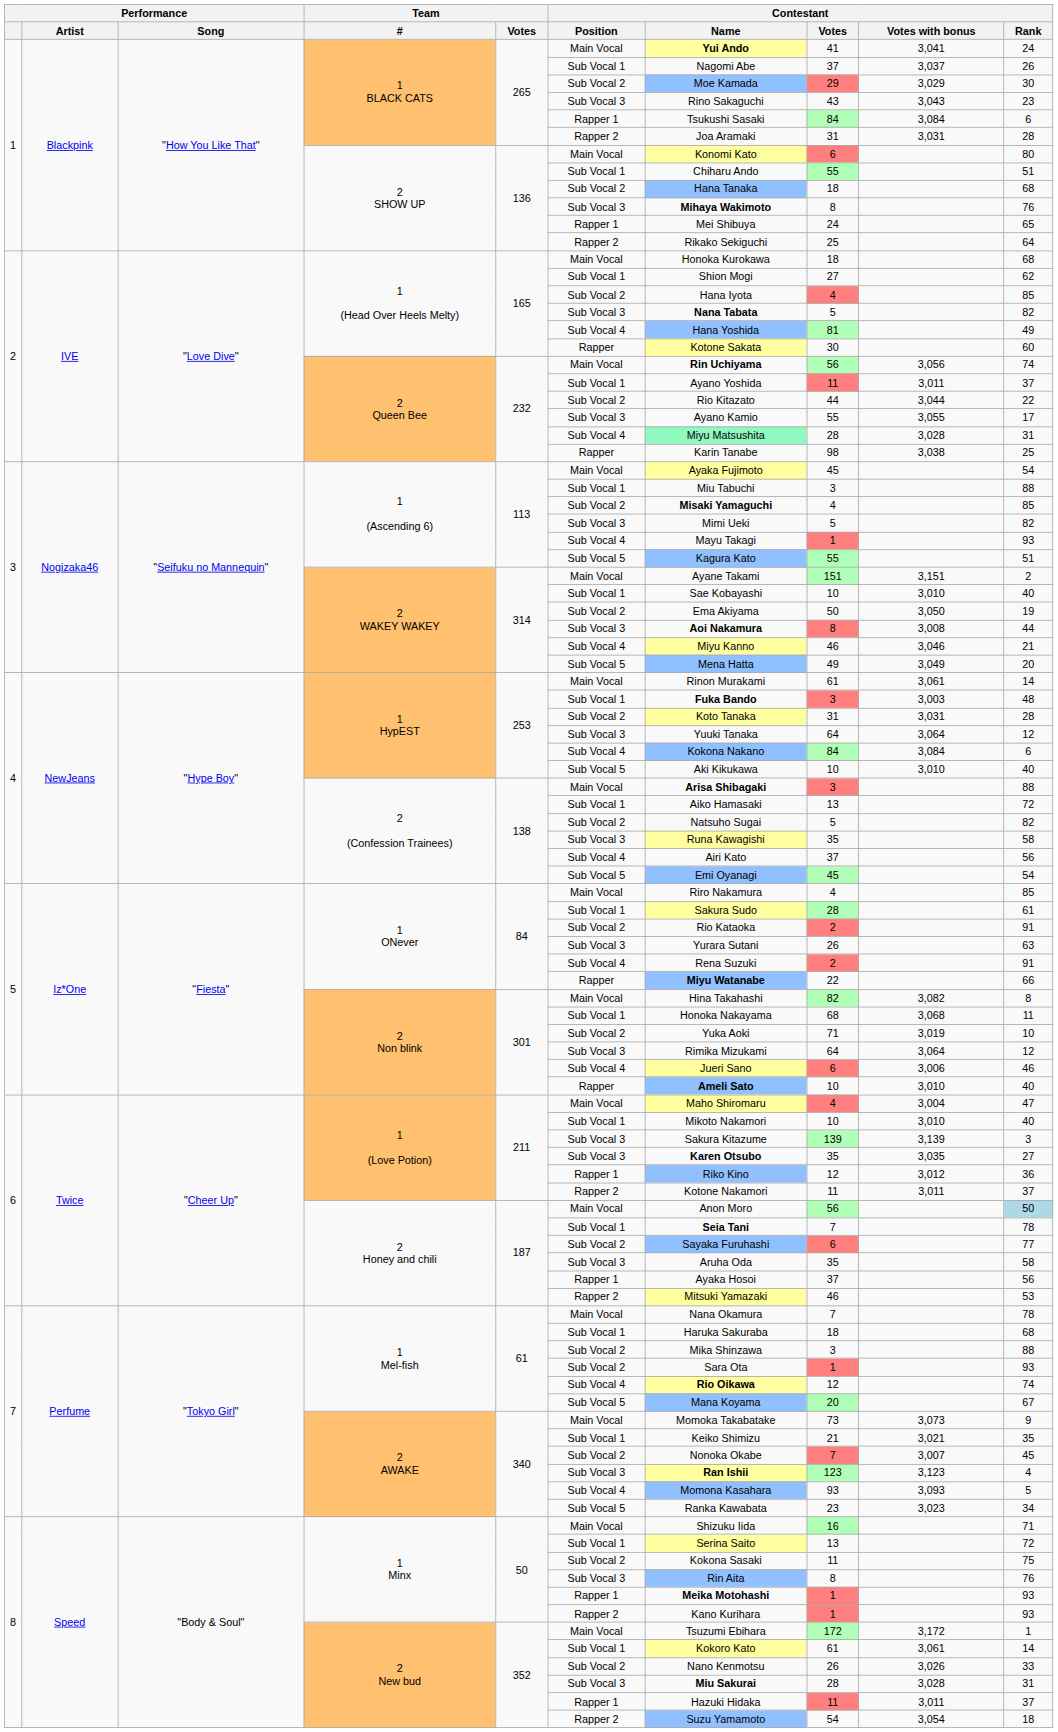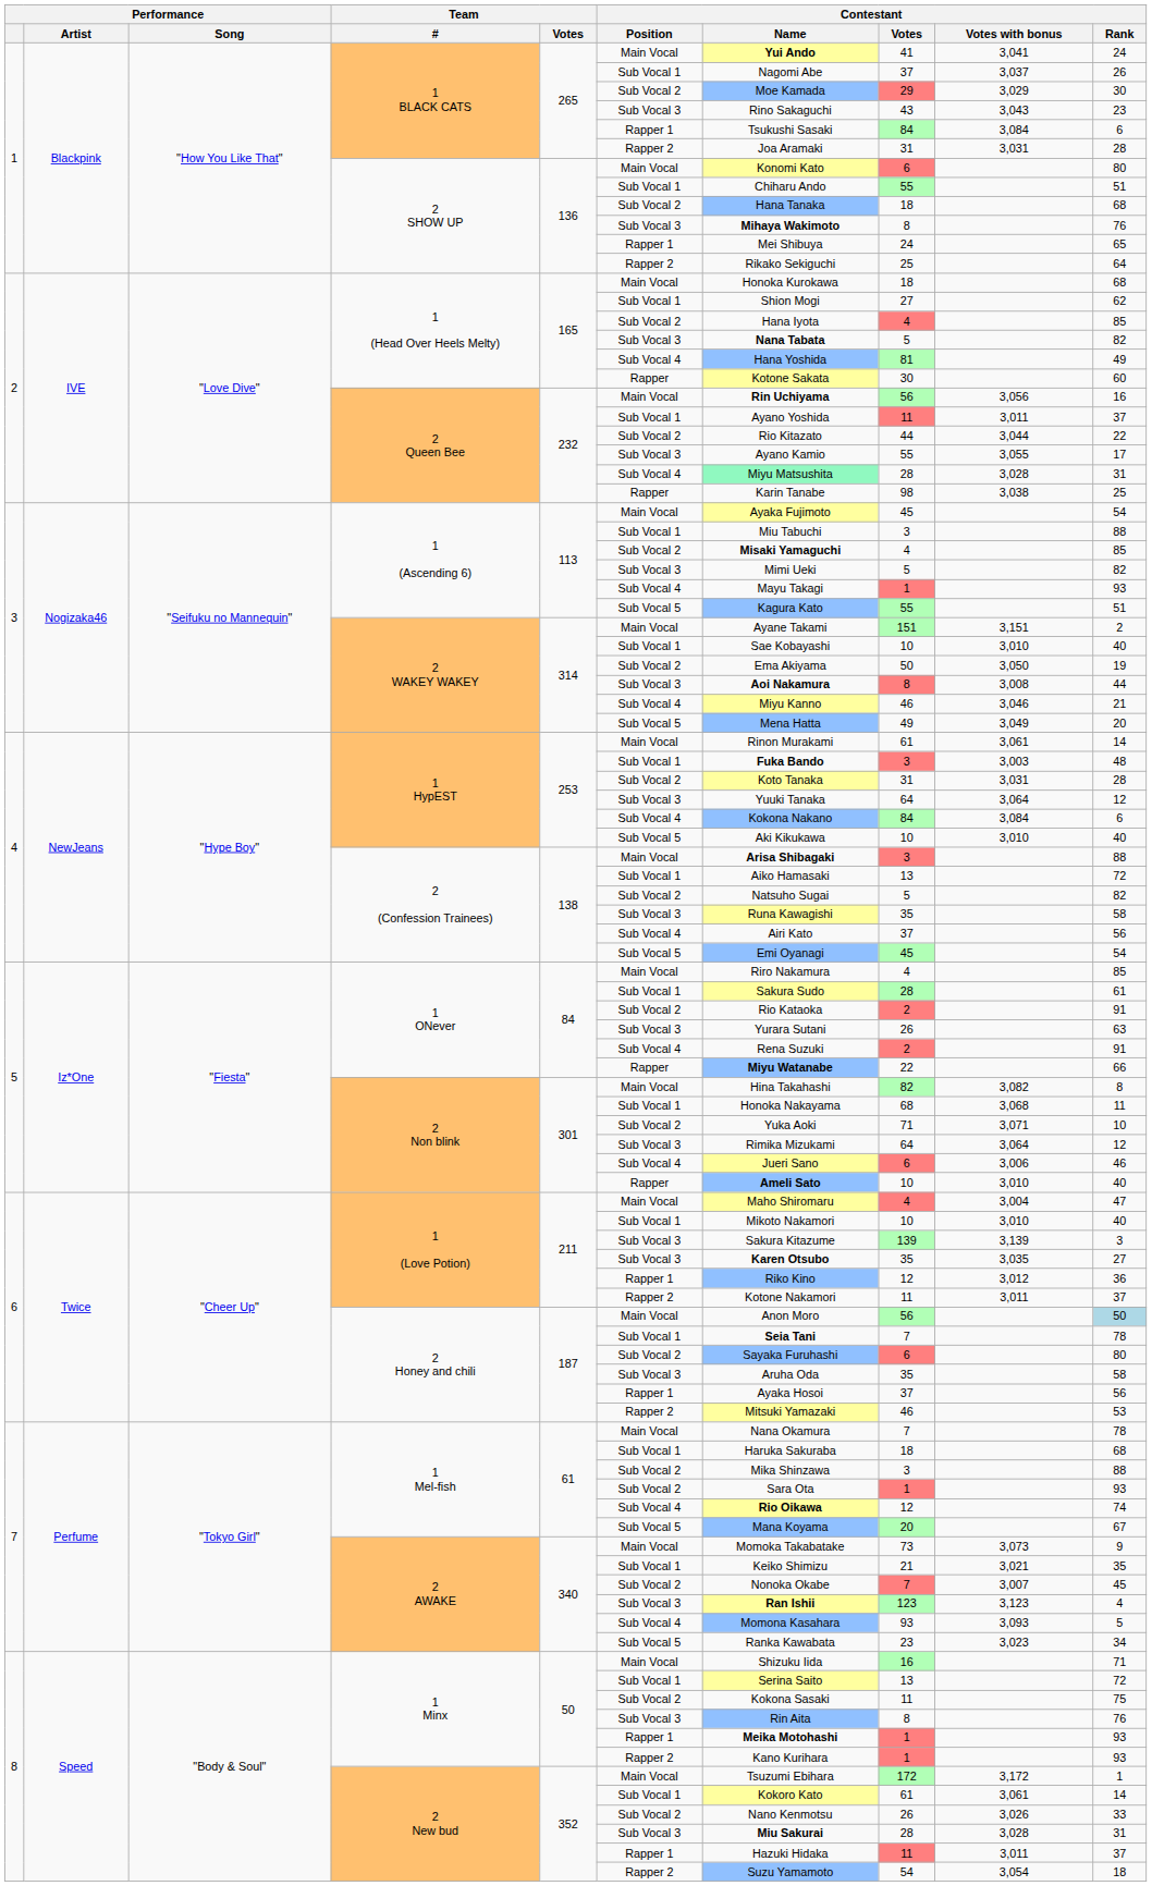 <table class="wikitable sortable collapsible" style="width:100%; text-align:center; white-space:nowrap; font-size:small">
 <tr>
 <th scope="col" colspan="3">Performance</th>
 <th scope="col" colspan="2">Team</th>
 <th scope="col" colspan="5">Contestant</th>
 </tr>
 <tr>
 <th scope="col"></th>
 <th scope="col">Artist</th>
 <th scope="col">Song</th>
 <th scope="col">#</th>
 <th scope="col">Votes</th>
 <th scope="col">Position</th>
 <th scope="col">Name</th>
 <th scope="col">Votes</th>
 <th scope="col">Votes with bonus</th>
 <th scope="col">Rank</th>
 </tr>
 <tr>
 <td rowspan="12">1</td>
 <td rowspan="12"><a href='#'>Blackpink</a></td>
 <td rowspan="12">"<a href='#'>How You Like That</a>"</td>
 <td rowspan="6" style="background:#FFC06F">1<br>BLACK CATS</td>
 <td rowspan="6">265</td>
 <td>Main Vocal</td>
 <td style="background:#FFFF9F"><strong>Yui Ando</strong></td>
 <td>41</td>
 <td>3,041</td>
 <td>24</td>
 </tr>
 <tr>
 <td>Sub Vocal 1</td>
 <td>Nagomi Abe</td>
 <td>37</td>
 <td>3,037</td>
 <td>26</td>
 </tr>
 <tr>
 <td>Sub Vocal 2</td>
 <td style="background:#90C0FF">Moe Kamada</td>
 <td style="background:#FF7F7F">29</td>
 <td>3,029</td>
 <td>30</td>
 </tr>
 <tr>
 <td>Sub Vocal 3</td>
 <td>Rino Sakaguchi</td>
 <td>43</td>
 <td>3,043</td>
 <td>23</td>
 </tr>
 <tr>
 <td>Rapper 1</td>
 <td>Tsukushi Sasaki</td>
 <td style="background:#B1FFB6">84</td>
 <td>3,084</td>
 <td>6</td>
 </tr>
 <tr>
 <td>Rapper 2</td>
 <td>Joa Aramaki</td>
 <td>31</td>
 <td>3,031</td>
 <td>28</td>
 </tr>
 <tr>
 <td rowspan="6">2<br>SHOW UP</td>
 <td rowspan="6">136</td>
 <td>Main Vocal</td>
 <td style="background:#FFFF9F">Konomi Kato</td>
 <td style="background:#FF7F7F">6</td>
 <td></td>
 <td>80</td>
 </tr>
 <tr>
 <td>Sub Vocal 1</td>
 <td>Chiharu Ando</td>
 <td style="background:#B1FFB6">55</td>
 <td></td>
 <td>51</td>
 </tr>
 <tr>
 <td>Sub Vocal 2</td>
 <td style="background:#90C0FF">Hana Tanaka</td>
 <td>18</td>
 <td></td>
 <td>68</td>
 </tr>
 <tr>
 <td>Sub Vocal 3</td>
 <td><strong>Mihaya Wakimoto</strong></td>
 <td>8</td>
 <td></td>
 <td>76</td>
 </tr>
 <tr>
 <td>Rapper 1</td>
 <td>Mei Shibuya</td>
 <td>24</td>
 <td></td>
 <td>65</td>
 </tr>
 <tr>
 <td>Rapper 2</td>
 <td>Rikako Sekiguchi</td>
 <td>25</td>
 <td></td>
 <td>64</td>
 </tr>
 <tr>
 <td rowspan="12">2</td>
 <td rowspan="12"><a href='#'>IVE</a></td>
 <td rowspan="12">"<a href='#'>Love Dive</a>"</td>
 <td rowspan="6">1<br><br>(Head Over Heels Melty)</td>
 <td rowspan="6">165</td>
 <td>Main Vocal</td>
 <td>Honoka Kurokawa</td>
 <td>18</td>
 <td></td>
 <td>68</td>
 </tr>
 <tr>
 <td>Sub Vocal 1</td>
 <td>Shion Mogi</td>
 <td>27</td>
 <td></td>
 <td>62</td>
 </tr>
 <tr>
 <td>Sub Vocal 2</td>
 <td>Hana Iyota</td>
 <td style="background:#FF7F7F">4</td>
 <td></td>
 <td>85</td>
 </tr>
 <tr>
 <td>Sub Vocal 3</td>
 <td><strong>Nana Tabata</strong></td>
 <td>5</td>
 <td></td>
 <td>82</td>
 </tr>
 <tr>
 <td>Sub Vocal 4</td>
 <td style="background:#90C0FF">Hana Yoshida</td>
 <td style="background:#B1FFB6">81</td>
 <td></td>
 <td>49</td>
 </tr>
 <tr>
 <td>Rapper</td>
 <td style="background:#FFFF9F">Kotone Sakata</td>
 <td>30</td>
 <td></td>
 <td>60</td>
 </tr>
 <tr>
 <td rowspan="6" style="background:#FFC06F">2<br>Queen Bee</td>
 <td rowspan="6">232</td>
 <td>Main Vocal</td>
 <td><strong>Rin Uchiyama</strong></td>
 <td style="background:#B1FFB6">56</td>
 <td>3,056</td>
-<td>74</td>
+<td>16</td>
 </tr>
 <tr>
 <td>Sub Vocal 1</td>
 <td>Ayano Yoshida</td>
 <td style="background:#FF7F7F">11</td>
 <td>3,011</td>
 <td>37</td>
 </tr>
 <tr>
 <td>Sub Vocal 2</td>
 <td>Rio Kitazato</td>
 <td>44</td>
 <td>3,044</td>
 <td>22</td>
 </tr>
 <tr>
 <td>Sub Vocal 3</td>
 <td>Ayano Kamio</td>
 <td>55</td>
 <td>3,055</td>
 <td>17</td>
 </tr>
 <tr>
 <td>Sub Vocal 4</td>
 <td style="background:#90F9C0">Miyu Matsushita</td>
 <td>28</td>
 <td>3,028</td>
 <td>31</td>
 </tr>
 <tr>
 <td>Rapper</td>
 <td>Karin Tanabe</td>
 <td>98</td>
 <td>3,038</td>
 <td>25</td>
 </tr>
 <tr>
 <td rowspan="12">3</td>
 <td rowspan="12"><a href='#'>Nogizaka46</a></td>
 <td rowspan="12">"<a href='#'>Seifuku no Mannequin</a>"</td>
 <td rowspan="6">1<br><br>(Ascending 6)</td>
 <td rowspan="6">113</td>
 <td>Main Vocal</td>
 <td style="background:#FFFF9F">Ayaka Fujimoto</td>
 <td>45</td>
 <td></td>
 <td>54</td>
 </tr>
 <tr>
 <td>Sub Vocal 1</td>
 <td>Miu Tabuchi</td>
 <td>3</td>
 <td></td>
 <td>88</td>
 </tr>
 <tr>
 <td>Sub Vocal 2</td>
 <td><strong>Misaki Yamaguchi</strong></td>
 <td>4</td>
 <td></td>
 <td>85</td>
 </tr>
 <tr>
 <td>Sub Vocal 3</td>
 <td>Mimi Ueki</td>
 <td>5</td>
 <td></td>
 <td>82</td>
 </tr>
 <tr>
 <td>Sub Vocal 4</td>
 <td>Mayu Takagi</td>
 <td style="background:#FF7F7F">1</td>
 <td></td>
 <td>93</td>
 </tr>
 <tr>
 <td>Sub Vocal 5</td>
 <td style="background:#90C0FF">Kagura Kato</td>
 <td style="background:#B1FFB6">55</td>
 <td></td>
 <td>51</td>
 </tr>
 <tr>
 <td rowspan="6" style="background:#FFC06F">2<br>WAKEY WAKEY</td>
 <td rowspan="6">314</td>
 <td>Main Vocal</td>
 <td>Ayane Takami</td>
 <td style="background:#B1FFB6">151</td>
 <td>3,151</td>
 <td>2</td>
 </tr>
 <tr>
 <td>Sub Vocal 1</td>
 <td>Sae Kobayashi</td>
 <td>10</td>
 <td>3,010</td>
 <td>40</td>
 </tr>
 <tr>
 <td>Sub Vocal 2</td>
 <td>Ema Akiyama</td>
 <td>50</td>
 <td>3,050</td>
 <td>19</td>
 </tr>
 <tr>
 <td>Sub Vocal 3</td>
 <td><strong>Aoi Nakamura</strong></td>
 <td style="background:#FF7F7F">8</td>
 <td>3,008</td>
 <td>44</td>
 </tr>
 <tr>
 <td>Sub Vocal 4</td>
 <td style="background:#FFFF9F">Miyu Kanno</td>
 <td>46</td>
 <td>3,046</td>
 <td>21</td>
 </tr>
 <tr>
 <td>Sub Vocal 5</td>
 <td style="background:#90C0FF">Mena Hatta</td>
 <td>49</td>
 <td>3,049</td>
 <td>20</td>
 </tr>
 <tr>
 <td rowspan="12">4</td>
 <td rowspan="12"><a href='#'>NewJeans</a></td>
 <td rowspan="12">"<a href='#'>Hype Boy</a>"</td>
 <td rowspan="6" style="background:#FFC06F">1<br>HypEST</td>
 <td rowspan="6">253</td>
 <td>Main Vocal</td>
 <td>Rinon Murakami</td>
 <td>61</td>
 <td>3,061</td>
 <td>14</td>
 </tr>
 <tr>
 <td>Sub Vocal 1</td>
 <td><strong>Fuka Bando</strong></td>
 <td style="background:#FF7F7F">3</td>
 <td>3,003</td>
 <td>48</td>
 </tr>
 <tr>
 <td>Sub Vocal 2</td>
 <td style="background:#FFFF9F">Koto Tanaka</td>
 <td>31</td>
 <td>3,031</td>
 <td>28</td>
 </tr>
 <tr>
 <td>Sub Vocal 3</td>
 <td>Yuuki Tanaka</td>
 <td>64</td>
 <td>3,064</td>
 <td>12</td>
 </tr>
 <tr>
 <td>Sub Vocal 4</td>
 <td style="background:#90C0FF">Kokona Nakano</td>
 <td style="background:#B1FFB6">84</td>
 <td>3,084</td>
 <td>6</td>
 </tr>
 <tr>
 <td>Sub Vocal 5</td>
 <td>Aki Kikukawa</td>
 <td>10</td>
 <td>3,010</td>
 <td>40</td>
 </tr>
 <tr>
 <td rowspan="6">2<br><br>(Confession Trainees)</td>
 <td rowspan="6">138</td>
 <td>Main Vocal</td>
 <td><strong>Arisa Shibagaki</strong></td>
 <td style="background:#FF7F7F">3</td>
 <td></td>
 <td>88</td>
 </tr>
 <tr>
 <td>Sub Vocal 1</td>
 <td>Aiko Hamasaki</td>
 <td>13</td>
 <td></td>
 <td>72</td>
 </tr>
 <tr>
 <td>Sub Vocal 2</td>
 <td>Natsuho Sugai</td>
 <td>5</td>
 <td></td>
 <td>82</td>
 </tr>
 <tr>
 <td>Sub Vocal 3</td>
 <td style="background:#FFFF9F">Runa Kawagishi</td>
 <td>35</td>
 <td></td>
 <td>58</td>
 </tr>
 <tr>
 <td>Sub Vocal 4</td>
 <td>Airi Kato</td>
 <td>37</td>
 <td></td>
 <td>56</td>
 </tr>
 <tr>
 <td>Sub Vocal 5</td>
 <td style="background:#90C0FF">Emi Oyanagi</td>
 <td style="background:#B1FFB6">45</td>
 <td></td>
 <td>54</td>
 </tr>
 <tr>
 <td rowspan="12">5</td>
 <td rowspan="12"><a href='#'>Iz*One</a></td>
 <td rowspan="12">"<a href='#'>Fiesta</a>"</td>
 <td rowspan="6">1<br>ONever</td>
 <td rowspan="6">84</td>
 <td>Main Vocal</td>
 <td>Riro Nakamura</td>
 <td>4</td>
 <td></td>
 <td>85</td>
 </tr>
 <tr>
 <td>Sub Vocal 1</td>
 <td style="background:#FFFF9F">Sakura Sudo</td>
 <td style="background:#B1FFB6">28</td>
 <td></td>
 <td>61</td>
 </tr>
 <tr>
 <td>Sub Vocal 2</td>
 <td>Rio Kataoka</td>
 <td style="background:#FF7F7F">2</td>
 <td></td>
 <td>91</td>
 </tr>
 <tr>
 <td>Sub Vocal 3</td>
 <td>Yurara Sutani</td>
 <td>26</td>
 <td></td>
 <td>63</td>
 </tr>
 <tr>
 <td>Sub Vocal 4</td>
 <td>Rena Suzuki</td>
 <td style="background:#FF7F7F">2</td>
 <td></td>
 <td>91</td>
 </tr>
 <tr>
 <td>Rapper</td>
 <td style="background:#90C0FF"><strong>Miyu Watanabe</strong></td>
 <td>22</td>
 <td></td>
 <td>66</td>
 </tr>
 <tr>
 <td rowspan="6" style="background:#FFC06F">2<br>Non blink</td>
 <td rowspan="6">301</td>
 <td>Main Vocal</td>
 <td>Hina Takahashi</td>
 <td style="background:#B1FFB6">82</td>
 <td>3,082</td>
 <td>8</td>
 </tr>
 <tr>
 <td>Sub Vocal 1</td>
 <td>Honoka Nakayama</td>
 <td>68</td>
 <td>3,068</td>
 <td>11</td>
 </tr>
 <tr>
 <td>Sub Vocal 2</td>
 <td>Yuka Aoki</td>
 <td>71</td>
-<td>3,019</td>
+<td>3,071</td>
 <td>10</td>
 </tr>
 <tr>
 <td>Sub Vocal 3</td>
 <td>Rimika Mizukami</td>
 <td>64</td>
 <td>3,064</td>
 <td>12</td>
 </tr>
 <tr>
 <td>Sub Vocal 4</td>
 <td style="background:#FFFF9F">Jueri Sano</td>
 <td style="background:#FF7F7F">6</td>
 <td>3,006</td>
 <td>46</td>
 </tr>
 <tr>
 <td>Rapper</td>
 <td style="background:#90C0FF"><strong>Ameli Sato</strong></td>
 <td>10</td>
 <td>3,010</td>
 <td>40</td>
 </tr>
 <tr>
 <td rowspan="12">6</td>
 <td rowspan="12"><a href='#'>Twice</a></td>
 <td rowspan="12">"<a href='#'>Cheer Up</a>"</td>
 <td rowspan="6" style="background:#FFC06F">1<br><br>(Love Potion)</td>
 <td rowspan="6">211</td>
 <td>Main Vocal</td>
 <td style="background:#FFFF9F">Maho Shiromaru</td>
 <td style="background:#FF7F7F">4</td>
 <td>3,004</td>
 <td>47</td>
 </tr>
 <tr>
 <td>Sub Vocal 1</td>
 <td>Mikoto Nakamori</td>
 <td>10</td>
 <td>3,010</td>
 <td>40</td>
 </tr>
 <tr>
 <td>Sub Vocal 3</td>
 <td>Sakura Kitazume</td>
 <td style="background:#B1FFB6">139</td>
 <td>3,139</td>
 <td>3</td>
 </tr>
 <tr>
 <td>Sub Vocal 3</td>
 <td><strong>Karen Otsubo</strong></td>
 <td>35</td>
 <td>3,035</td>
 <td>27</td>
 </tr>
 <tr>
 <td>Rapper 1</td>
 <td style="background:#90C0FF">Riko Kino</td>
 <td>12</td>
 <td>3,012</td>
 <td>36</td>
 </tr>
 <tr>
 <td>Rapper 2</td>
 <td>Kotone Nakamori</td>
 <td>11</td>
 <td>3,011</td>
 <td>37</td>
 </tr>
 <tr>
 <td rowspan="6">2<br>Honey and chili</td>
 <td rowspan="6">187</td>
 <td>Main Vocal</td>
 <td>Anon Moro</td>
 <td style="background:#B1FFB6">56</td>
 <td></td>
 <td style="background: lightblue;">50</td>
 </tr>
 <tr>
 <td>Sub Vocal 1</td>
 <td><strong>Seia Tani</strong></td>
 <td>7</td>
 <td></td>
 <td>78</td>
 </tr>
 <tr>
 <td>Sub Vocal 2</td>
 <td style="background:#90C0FF">Sayaka Furuhashi</td>
 <td style="background:#FF7F7F">6</td>
 <td></td>
-<td>77</td>
+<td>80</td>
 </tr>
 <tr>
 <td>Sub Vocal 3</td>
 <td>Aruha Oda</td>
 <td>35</td>
 <td></td>
 <td>58</td>
 </tr>
 <tr>
 <td>Rapper 1</td>
 <td>Ayaka Hosoi</td>
 <td>37</td>
 <td></td>
 <td>56</td>
 </tr>
 <tr>
 <td>Rapper 2</td>
 <td style="background:#FFFF9F">Mitsuki Yamazaki</td>
 <td>46</td>
 <td></td>
 <td>53</td>
 </tr>
 <tr>
 <td rowspan="12">7</td>
 <td rowspan="12"><a href='#'>Perfume</a></td>
 <td rowspan="12">"<a href='#'>Tokyo Girl</a>"</td>
 <td rowspan="6">1<br>Mel-fish</td>
 <td rowspan="6">61</td>
 <td>Main Vocal</td>
 <td>Nana Okamura</td>
 <td>7</td>
 <td></td>
 <td>78</td>
 </tr>
 <tr>
 <td>Sub Vocal 1</td>
 <td>Haruka Sakuraba</td>
 <td>18</td>
 <td></td>
 <td>68</td>
 </tr>
 <tr>
 <td>Sub Vocal 2</td>
 <td>Mika Shinzawa</td>
 <td>3</td>
 <td></td>
 <td>88</td>
 </tr>
 <tr>
 <td>Sub Vocal 2</td>
 <td>Sara Ota</td>
 <td style="background:#FF7F7F">1</td>
 <td></td>
 <td>93</td>
 </tr>
 <tr>
 <td>Sub Vocal 4</td>
 <td style="background:#FFFF9F"><strong>Rio Oikawa</strong></td>
 <td>12</td>
 <td></td>
 <td>74</td>
 </tr>
 <tr>
 <td>Sub Vocal 5</td>
 <td style="background:#90C0FF">Mana Koyama</td>
 <td style="background:#B1FFB6">20</td>
 <td></td>
 <td>67</td>
 </tr>
 <tr>
 <td rowspan="6" style="background:#FFC06F">2<br>AWAKE</td>
 <td rowspan="6">340</td>
 <td>Main Vocal</td>
 <td>Momoka Takabatake</td>
 <td>73</td>
 <td>3,073</td>
 <td>9</td>
 </tr>
 <tr>
 <td>Sub Vocal 1</td>
 <td>Keiko Shimizu</td>
 <td>21</td>
 <td>3,021</td>
 <td>35</td>
 </tr>
 <tr>
 <td>Sub Vocal 2</td>
 <td>Nonoka Okabe</td>
 <td style="background:#FF7F7F">7</td>
 <td>3,007</td>
 <td>45</td>
 </tr>
 <tr>
 <td>Sub Vocal 3</td>
 <td style="background:#FFFF9F"><strong>Ran Ishii</strong></td>
 <td style="background:#B1FFB6">123</td>
 <td>3,123</td>
 <td>4</td>
 </tr>
 <tr>
 <td>Sub Vocal 4</td>
 <td style="background:#90C0FF">Momona Kasahara</td>
 <td>93</td>
 <td>3,093</td>
 <td>5</td>
 </tr>
 <tr>
 <td>Sub Vocal 5</td>
 <td>Ranka Kawabata</td>
 <td>23</td>
 <td>3,023</td>
 <td>34</td>
 </tr>
 <tr>
 <td rowspan="12">8</td>
 <td rowspan="12"><a href='#'>Speed</a></td>
 <td rowspan="12">"Body & Soul"</td>
 <td rowspan="6">1<br>Minx</td>
 <td rowspan="6">50</td>
 <td>Main Vocal</td>
 <td>Shizuku Iida</td>
 <td style="background:#B1FFB6">16</td>
 <td></td>
 <td>71</td>
 </tr>
 <tr>
 <td>Sub Vocal 1</td>
 <td style="background:#FFFF9F">Serina Saito</td>
 <td>13</td>
 <td></td>
 <td>72</td>
 </tr>
 <tr>
 <td>Sub Vocal 2</td>
 <td>Kokona Sasaki</td>
 <td>11</td>
 <td></td>
 <td>75</td>
 </tr>
 <tr>
 <td>Sub Vocal 3</td>
 <td style="background:#90C0FF">Rin Aita</td>
 <td>8</td>
 <td></td>
 <td>76</td>
 </tr>
 <tr>
 <td>Rapper 1</td>
 <td><strong>Meika Motohashi</strong></td>
 <td style="background:#FF7F7F">1</td>
 <td></td>
 <td>93</td>
 </tr>
 <tr>
 <td>Rapper 2</td>
 <td>Kano Kurihara</td>
 <td style="background:#FF7F7F">1</td>
 <td></td>
 <td>93</td>
 </tr>
 <tr>
 <td rowspan="6" style="background:#FFC06F">2<br>New bud</td>
 <td rowspan="6">352</td>
 <td>Main Vocal</td>
 <td>Tsuzumi Ebihara</td>
 <td style="background:#B1FFB6">172</td>
 <td>3,172</td>
 <td>1</td>
 </tr>
 <tr>
 <td>Sub Vocal 1</td>
 <td style="background:#FFFF9F">Kokoro Kato</td>
 <td>61</td>
 <td>3,061</td>
 <td>14</td>
 </tr>
 <tr>
 <td>Sub Vocal 2</td>
 <td>Nano Kenmotsu</td>
 <td>26</td>
 <td>3,026</td>
 <td>33</td>
 </tr>
 <tr>
 <td>Sub Vocal 3</td>
 <td><strong>Miu Sakurai</strong></td>
 <td>28</td>
 <td>3,028</td>
 <td>31</td>
 </tr>
 <tr>
 <td>Rapper 1</td>
 <td>Hazuki Hidaka</td>
 <td style="background:#FF7F7F">11</td>
 <td>3,011</td>
 <td>37</td>
 </tr>
 <tr>
 <td>Rapper 2</td>
 <td style="background:#90C0FF">Suzu Yamamoto</td>
 <td>54</td>
 <td>3,054</td>
 <td>18</td>
 </tr>
 </table>
